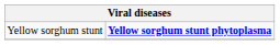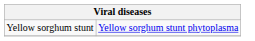 <table class="wikitable" style="clear">
 <tr>
 <th colspan=2><strong>Viral diseases</strong><br></th>
 </tr>
 <tr>
 <td>Yellow sorghum stunt</td>
-<td><strong><a href='#'>Yellow sorghum stunt phytoplasma</a></strong></td>
+<td><a href='#'>Yellow sorghum stunt phytoplasma</a></td>
 </tr>
 <tr>
 </tr>
 </table>
